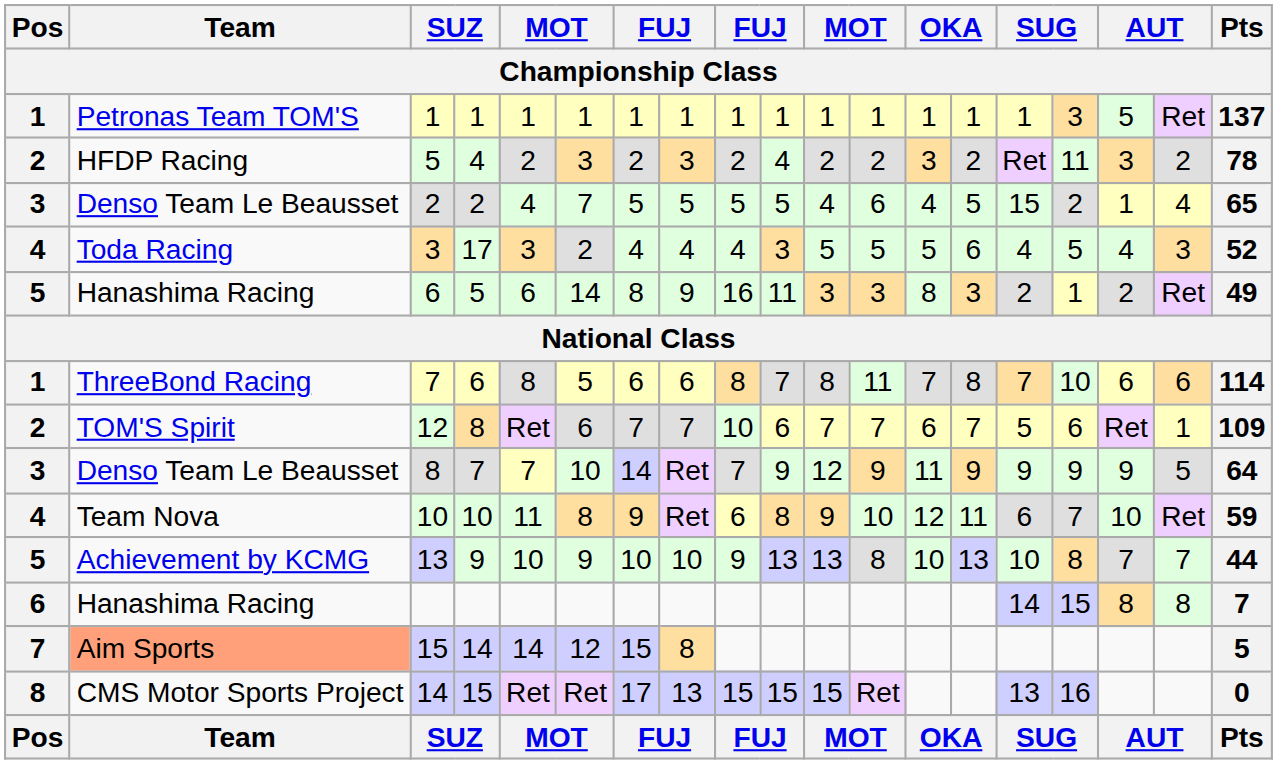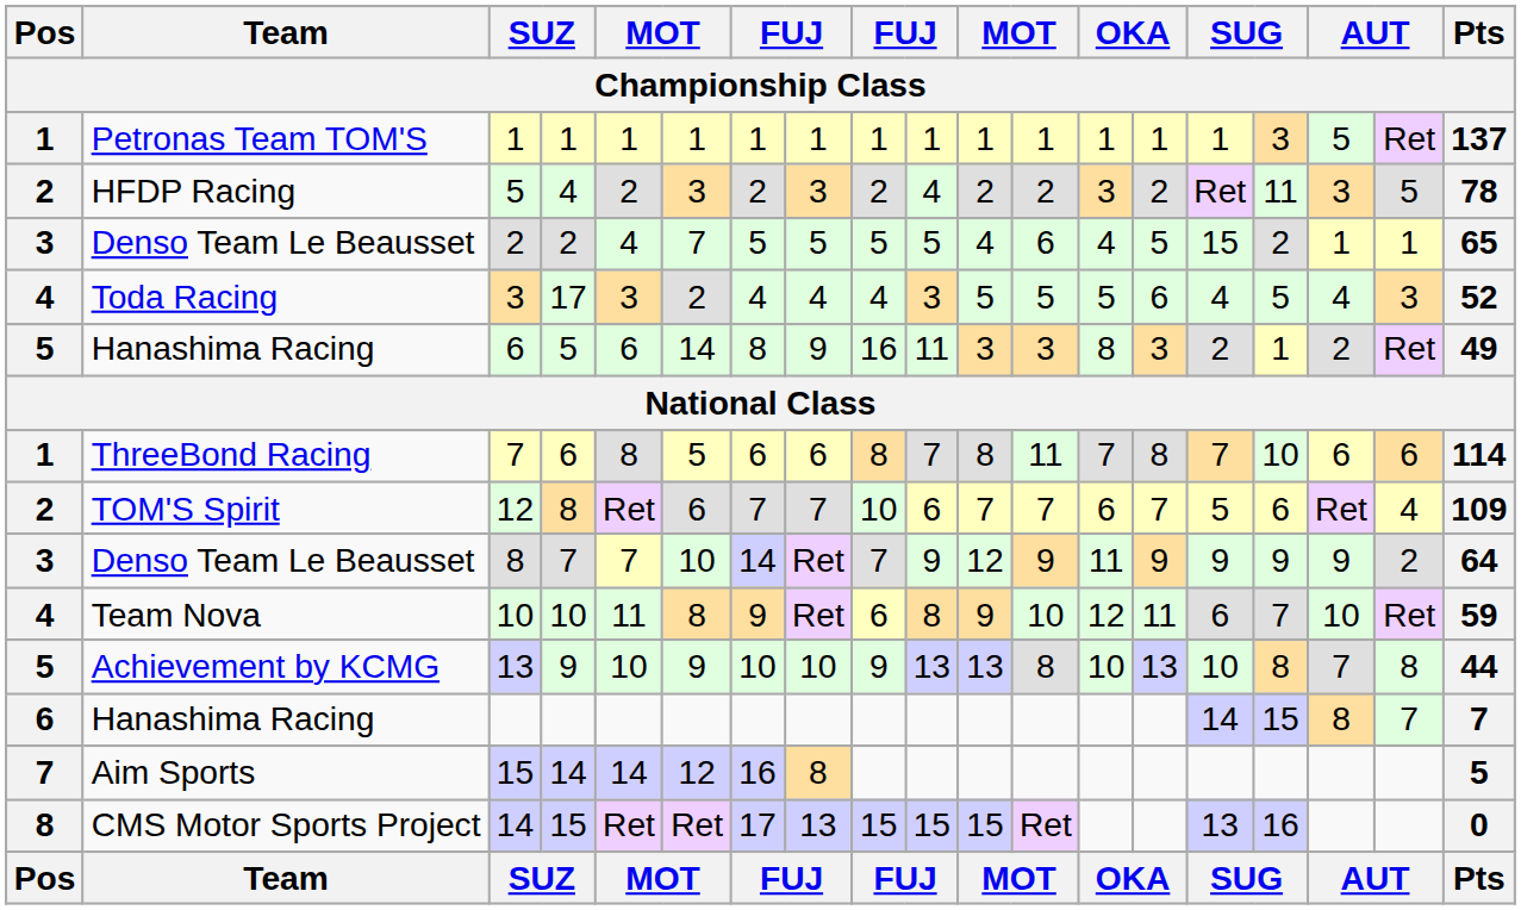 <table class="wikitable" style="font-size: 85%; text-align:center">
 <tr valign="top">
 <th valign="middle">Pos</th>
 <th valign="middle">Team</th>
 <th colspan=2><a href='#'>SUZ</a></th>
 <th colspan=2><a href='#'>MOT</a></th>
 <th colspan=2><a href='#'>FUJ</a></th>
 <th colspan=2><a href='#'>FUJ</a></th>
 <th colspan=2><a href='#'>MOT</a></th>
 <th colspan=2><a href='#'>OKA</a></th>
 <th colspan=2><a href='#'>SUG</a></th>
 <th colspan=2><a href='#'>AUT</a></th>
 <th valign="middle">Pts</th>
 </tr>
 <tr>
 <th colspan=19>Championship Class</th>
 </tr>
 <tr>
 <th>1</th>
 <td align=left><a href='#'>Petronas Team TOM'S</a></td>
 <td style="background:#FFFFBF;">1</td>
 <td style="background:#FFFFBF;">1</td>
 <td style="background:#FFFFBF;">1</td>
 <td style="background:#FFFFBF;">1</td>
 <td style="background:#FFFFBF;">1</td>
 <td style="background:#FFFFBF;">1</td>
 <td style="background:#FFFFBF;">1</td>
 <td style="background:#FFFFBF;">1</td>
 <td style="background:#FFFFBF;">1</td>
 <td style="background:#FFFFBF;">1</td>
 <td style="background:#FFFFBF;">1</td>
 <td style="background:#FFFFBF;">1</td>
 <td style="background:#FFFFBF;">1</td>
 <td style="background:#FFDF9F;">3</td>
 <td style="background:#DFFFDF;">5</td>
 <td style="background:#EFCFFF;">Ret</td>
 <th>137</th>
 </tr>
 <tr>
 <th>2</th>
 <td align=left>HFDP Racing</td>
 <td style="background:#DFFFDF;">5</td>
 <td style="background:#DFFFDF;">4</td>
 <td style="background:#DFDFDF;">2</td>
 <td style="background:#FFDF9F;">3</td>
 <td style="background:#DFDFDF;">2</td>
 <td style="background:#FFDF9F;">3</td>
 <td style="background:#DFDFDF;">2</td>
 <td style="background:#DFFFDF;">4</td>
 <td style="background:#DFDFDF;">2</td>
 <td style="background:#DFDFDF;">2</td>
 <td style="background:#FFDF9F;">3</td>
 <td style="background:#DFDFDF;">2</td>
 <td style="background:#EFCFFF;">Ret</td>
 <td style="background:#DFFFDF;">11</td>
 <td style="background:#FFDF9F;">3</td>
-<td style="background:#DFDFDF;">2</td>
+<td style="background:#DFDFDF;">5</td>
 <th>78</th>
 </tr>
 <tr>
 <th>3</th>
 <td align=left><a href='#'>Denso</a> Team Le Beausset</td>
 <td style="background:#DFDFDF;">2</td>
 <td style="background:#DFDFDF;">2</td>
 <td style="background:#DFFFDF;">4</td>
 <td style="background:#DFFFDF;">7</td>
 <td style="background:#DFFFDF;">5</td>
 <td style="background:#DFFFDF;">5</td>
 <td style="background:#DFFFDF;">5</td>
 <td style="background:#DFFFDF;">5</td>
 <td style="background:#DFFFDF;">4</td>
 <td style="background:#DFFFDF;">6</td>
 <td style="background:#DFFFDF;">4</td>
 <td style="background:#DFFFDF;">5</td>
 <td style="background:#DFFFDF;">15</td>
 <td style="background:#DFDFDF;">2</td>
 <td style="background:#FFFFBF;">1</td>
-<td style="background:#FFFFBF;">4</td>
+<td style="background:#FFFFBF;">1</td>
 <th>65</th>
 </tr>
 <tr>
 <th>4</th>
 <td align=left><a href='#'>Toda Racing</a></td>
 <td style="background:#FFDF9F;">3</td>
 <td style="background:#DFFFDF;">17</td>
 <td style="background:#FFDF9F;">3</td>
 <td style="background:#DFDFDF;">2</td>
 <td style="background:#DFFFDF;">4</td>
 <td style="background:#DFFFDF;">4</td>
 <td style="background:#DFFFDF;">4</td>
 <td style="background:#FFDF9F;">3</td>
 <td style="background:#DFFFDF;">5</td>
 <td style="background:#DFFFDF;">5</td>
 <td style="background:#DFFFDF;">5</td>
 <td style="background:#DFFFDF;">6</td>
 <td style="background:#DFFFDF;">4</td>
 <td style="background:#DFFFDF;">5</td>
 <td style="background:#DFFFDF;">4</td>
 <td style="background:#FFDF9F;">3</td>
 <th>52</th>
 </tr>
 <tr>
 <th>5</th>
 <td align=left>Hanashima Racing</td>
 <td style="background:#DFFFDF;">6</td>
 <td style="background:#DFFFDF;">5</td>
 <td style="background:#DFFFDF;">6</td>
 <td style="background:#DFFFDF;">14</td>
 <td style="background:#DFFFDF;">8</td>
 <td style="background:#DFFFDF;">9</td>
 <td style="background:#DFFFDF;">16</td>
 <td style="background:#DFFFDF;">11</td>
 <td style="background:#FFDF9F;">3</td>
 <td style="background:#FFDF9F;">3</td>
 <td style="background:#DFFFDF;">8</td>
 <td style="background:#FFDF9F;">3</td>
 <td style="background:#DFDFDF;">2</td>
 <td style="background:#FFFFBF;">1</td>
 <td style="background:#DFDFDF;">2</td>
 <td style="background:#EFCFFF;">Ret</td>
 <th>49</th>
 </tr>
 <tr>
 <th colspan=19>National Class</th>
 </tr>
 <tr>
 <th>1</th>
 <td align=left><a href='#'>ThreeBond Racing</a></td>
 <td style="background:#FFFFBF;">7</td>
 <td style="background:#FFFFBF;">6</td>
 <td style="background:#DFDFDF;">8</td>
 <td style="background:#FFFFBF;">5</td>
 <td style="background:#FFFFBF;">6</td>
 <td style="background:#FFFFBF;">6</td>
 <td style="background:#FFDF9F;">8</td>
 <td style="background:#DFDFDF;">7</td>
 <td style="background:#DFDFDF;">8</td>
 <td style="background:#DFFFDF;">11</td>
 <td style="background:#DFDFDF;">7</td>
 <td style="background:#DFDFDF;">8</td>
 <td style="background:#FFDF9F;">7</td>
 <td style="background:#DFFFDF;">10</td>
 <td style="background:#FFFFBF;">6</td>
 <td style="background:#FFDF9F;">6</td>
 <th>114</th>
 </tr>
 <tr>
 <th>2</th>
 <td align=left><a href='#'>TOM'S Spirit</a></td>
 <td style="background:#DFFFDF;">12</td>
 <td style="background:#FFDF9F;">8</td>
 <td style="background:#EFCFFF;">Ret</td>
 <td style="background:#DFDFDF;">6</td>
 <td style="background:#DFDFDF;">7</td>
 <td style="background:#DFDFDF;">7</td>
 <td style="background:#DFFFDF;">10</td>
 <td style="background:#FFFFBF;">6</td>
 <td style="background:#FFFFBF;">7</td>
 <td style="background:#FFFFBF;">7</td>
 <td style="background:#FFFFBF;">6</td>
 <td style="background:#FFFFBF;">7</td>
 <td style="background:#FFFFBF;">5</td>
 <td style="background:#FFFFBF;">6</td>
 <td style="background:#EFCFFF;">Ret</td>
-<td style="background:#FFFFBF;">1</td>
+<td style="background:#FFFFBF;">4</td>
 <th>109</th>
 </tr>
 <tr>
 <th>3</th>
 <td align=left><a href='#'>Denso</a> Team Le Beausset</td>
 <td style="background:#DFDFDF;">8</td>
 <td style="background:#DFDFDF;">7</td>
 <td style="background:#FFFFBF;">7</td>
 <td style="background:#DFFFDF;">10</td>
 <td style="background:#CFCFFF;">14</td>
 <td style="background:#EFCFFF;">Ret</td>
 <td style="background:#DFDFDF;">7</td>
 <td style="background:#DFFFDF;">9</td>
 <td style="background:#DFFFDF;">12</td>
 <td style="background:#FFDF9F;">9</td>
 <td style="background:#DFFFDF;">11</td>
 <td style="background:#FFDF9F;">9</td>
 <td style="background:#DFFFDF;">9</td>
 <td style="background:#DFFFDF;">9</td>
 <td style="background:#DFFFDF;">9</td>
-<td style="background:#DFDFDF;">5</td>
+<td style="background:#DFDFDF;">2</td>
 <th>64</th>
 </tr>
 <tr>
 <th>4</th>
 <td align=left>Team Nova</td>
 <td style="background:#DFFFDF;">10</td>
 <td style="background:#DFFFDF;">10</td>
 <td style="background:#DFFFDF;">11</td>
 <td style="background:#FFDF9F;">8</td>
 <td style="background:#FFDF9F;">9</td>
 <td style="background:#EFCFFF;">Ret</td>
 <td style="background:#FFFFBF;">6</td>
 <td style="background:#FFDF9F;">8</td>
 <td style="background:#FFDF9F;">9</td>
 <td style="background:#DFFFDF;">10</td>
 <td style="background:#DFFFDF;">12</td>
 <td style="background:#DFFFDF;">11</td>
 <td style="background:#DFDFDF;">6</td>
 <td style="background:#DFDFDF;">7</td>
 <td style="background:#DFFFDF;">10</td>
 <td style="background:#EFCFFF;">Ret</td>
 <th>59</th>
 </tr>
 <tr>
 <th>5</th>
 <td align=left><a href='#'>Achievement by KCMG</a></td>
 <td style="background:#CFCFFF;">13</td>
 <td style="background:#DFFFDF;">9</td>
 <td style="background:#DFFFDF;">10</td>
 <td style="background:#DFFFDF;">9</td>
 <td style="background:#DFFFDF;">10</td>
 <td style="background:#DFFFDF;">10</td>
 <td style="background:#DFFFDF;">9</td>
 <td style="background:#CFCFFF;">13</td>
 <td style="background:#CFCFFF;">13</td>
 <td style="background:#DFDFDF;">8</td>
 <td style="background:#DFFFDF;">10</td>
 <td style="background:#CFCFFF;">13</td>
 <td style="background:#DFFFDF;">10</td>
 <td style="background:#FFDF9F;">8</td>
 <td style="background:#DFDFDF;">7</td>
-<td style="background:#DFFFDF;">7</td>
+<td style="background:#DFFFDF;">8</td>
 <th>44</th>
 </tr>
 <tr>
 <th>6</th>
 <td align=left>Hanashima Racing</td>
 <td></td>
 <td></td>
 <td></td>
 <td></td>
 <td></td>
 <td></td>
 <td></td>
 <td></td>
 <td></td>
 <td></td>
 <td></td>
 <td></td>
 <td style="background:#CFCFFF;">14</td>
 <td style="background:#CFCFFF;">15</td>
 <td style="background:#FFDF9F;">8</td>
-<td style="background:#DFFFDF;">8</td>
+<td style="background:#DFFFDF;">7</td>
 <th>7</th>
 </tr>
 <tr>
 <th>7</th>
-<td align=left style="background: lightsalmon;">Aim Sports</td>
+<td align=left>Aim Sports</td>
 <td style="background:#CFCFFF;">15</td>
 <td style="background:#CFCFFF;">14</td>
 <td style="background:#CFCFFF;">14</td>
 <td style="background:#CFCFFF;">12</td>
-<td style="background:#CFCFFF;">15</td>
+<td style="background:#CFCFFF;">16</td>
 <td style="background:#FFDF9F;">8</td>
 <td></td>
 <td></td>
 <td></td>
 <td></td>
 <td></td>
 <td></td>
 <td></td>
 <td></td>
 <td></td>
 <td></td>
 <th>5</th>
 </tr>
 <tr>
 <th>8</th>
 <td align=left>CMS Motor Sports Project</td>
 <td style="background:#CFCFFF;">14</td>
 <td style="background:#CFCFFF;">15</td>
 <td style="background:#EFCFFF;">Ret</td>
 <td style="background:#EFCFFF;">Ret</td>
 <td style="background:#CFCFFF;">17</td>
 <td style="background:#CFCFFF;">13</td>
 <td style="background:#CFCFFF;">15</td>
 <td style="background:#CFCFFF;">15</td>
 <td style="background:#CFCFFF;">15</td>
 <td style="background:#EFCFFF;">Ret</td>
 <td></td>
 <td></td>
 <td style="background:#CFCFFF;">13</td>
 <td style="background:#CFCFFF;">16</td>
 <td></td>
 <td></td>
 <th>0</th>
 </tr>
 <tr valign="top">
 <th valign="middle">Pos</th>
 <th valign="middle">Team</th>
 <th colspan=2><a href='#'>SUZ</a></th>
 <th colspan=2><a href='#'>MOT</a></th>
 <th colspan=2><a href='#'>FUJ</a></th>
 <th colspan=2><a href='#'>FUJ</a></th>
 <th colspan=2><a href='#'>MOT</a></th>
 <th colspan=2><a href='#'>OKA</a></th>
 <th colspan=2><a href='#'>SUG</a></th>
 <th colspan=2><a href='#'>AUT</a></th>
 <th valign="middle">Pts</th>
 </tr>
 </table>
